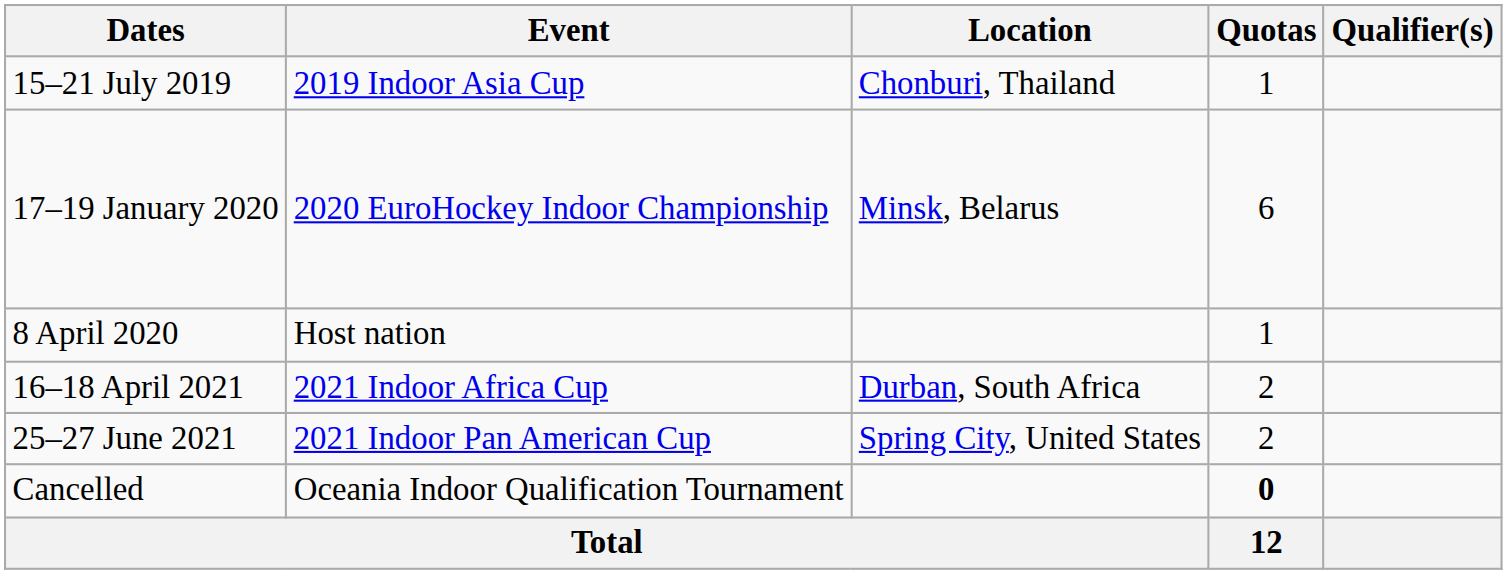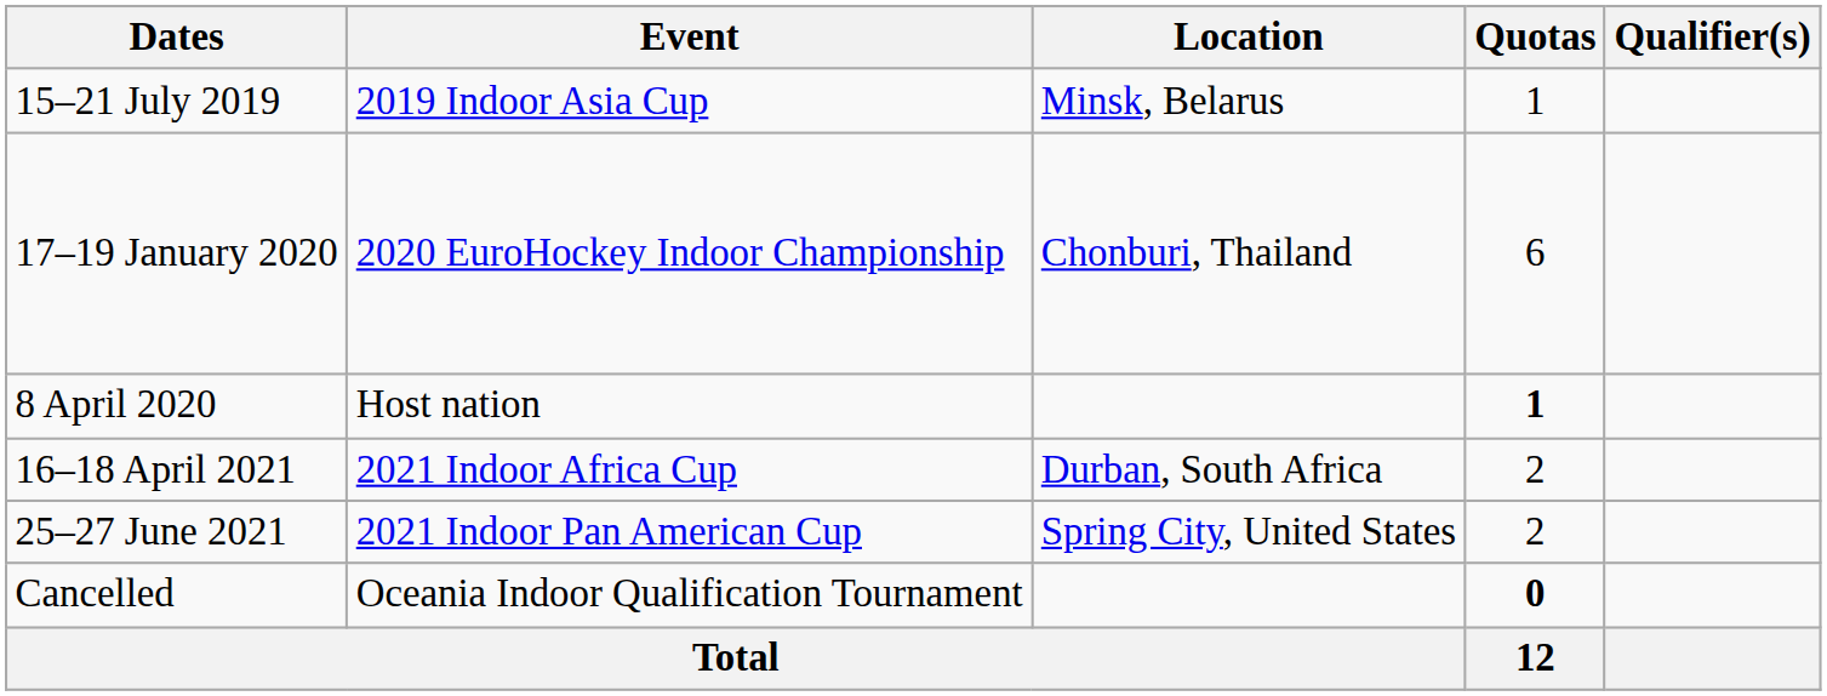 <table class="wikitable">
 <tr>
 <th>Dates</th>
 <th>Event</th>
 <th>Location</th>
 <th>Quotas</th>
 <th>Qualifier(s)</th>
 </tr>
 <tr>
 <td>15–21 July 2019</td>
 <td><a href='#'>2019 Indoor Asia Cup</a></td>
-<td><a href='#'>Chonburi</a>, Thailand</td>
+<td><a href='#'>Minsk</a>, Belarus</td>
 <td align="center">1</td>
 <td></td>
 </tr>
 <tr>
 <td>17–19 January 2020</td>
 <td><a href='#'>2020 EuroHockey Indoor Championship</a></td>
-<td><a href='#'>Minsk</a>, Belarus</td>
+<td><a href='#'>Chonburi</a>, Thailand</td>
 <td align="center">6</td>
 <td><br><br><br><br><br></td>
 </tr>
 <tr>
 <td>8 April 2020</td>
 <td>Host nation</td>
 <td></td>
-<td align="center">1</td>
+<td align="center"><strong>1</strong></td>
 <td></td>
 </tr>
 <tr>
 <td>16–18 April 2021</td>
 <td><a href='#'>2021 Indoor Africa Cup</a></td>
 <td><a href='#'>Durban</a>, South Africa</td>
 <td align="center">2</td>
 <td><br></td>
 </tr>
 <tr>
 <td>25–27 June 2021</td>
 <td><a href='#'>2021 Indoor Pan American Cup</a></td>
 <td><a href='#'>Spring City</a>, United States</td>
 <td align="center">2</td>
 <td><br></td>
 </tr>
 <tr>
 <td>Cancelled</td>
 <td>Oceania Indoor Qualification Tournament</td>
 <td></td>
 <td align="center"><strong>0</strong></td>
 <td><s></s><br><s></s></td>
 </tr>
 <tr>
 <th colspan=3>Total</th>
 <th>12</th>
 <th></th>
 </tr>
 </table>
